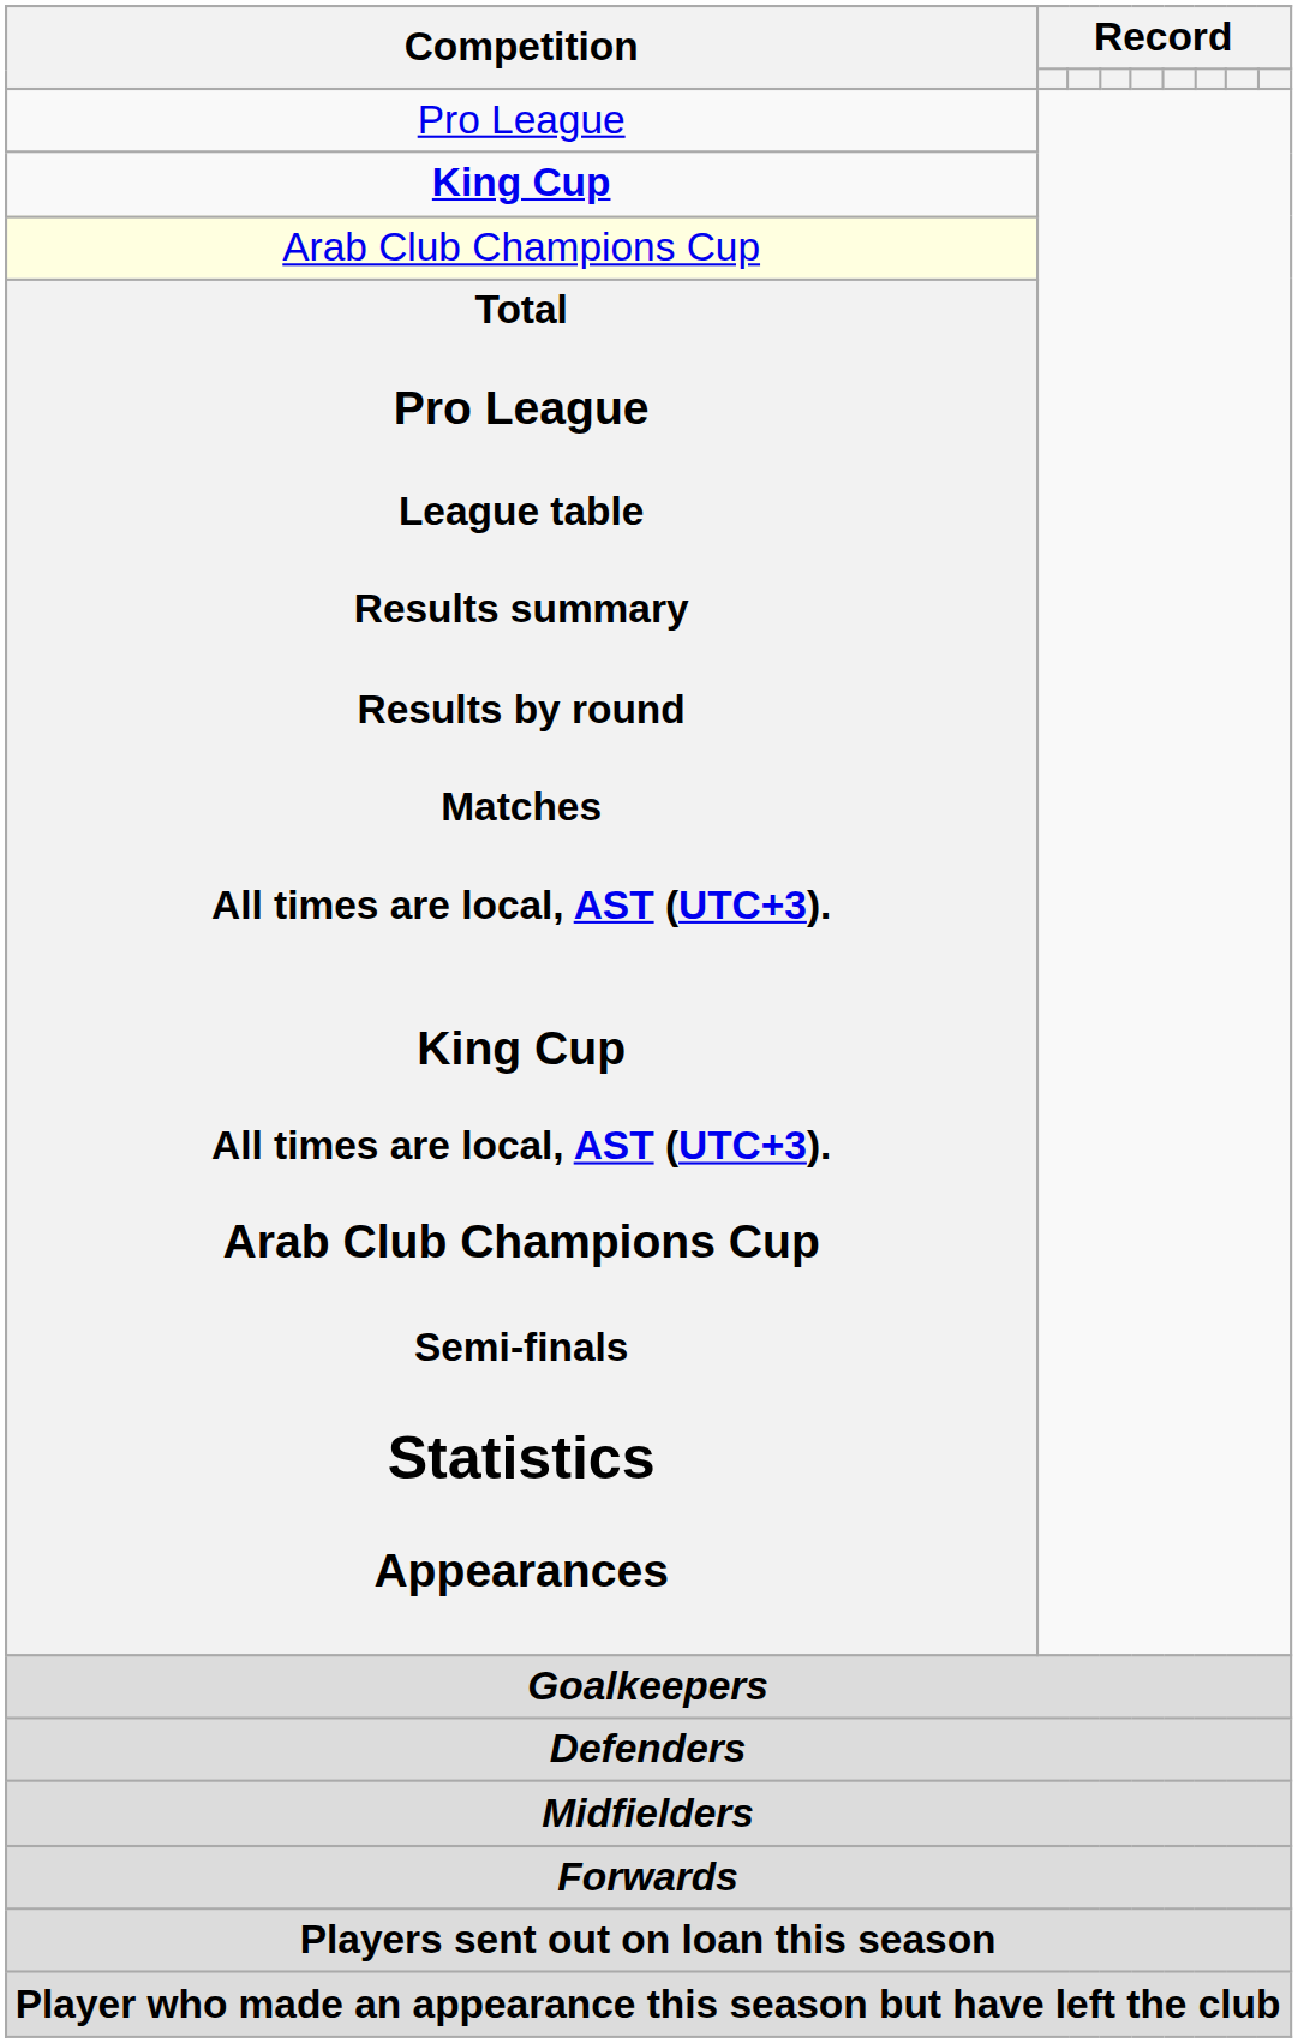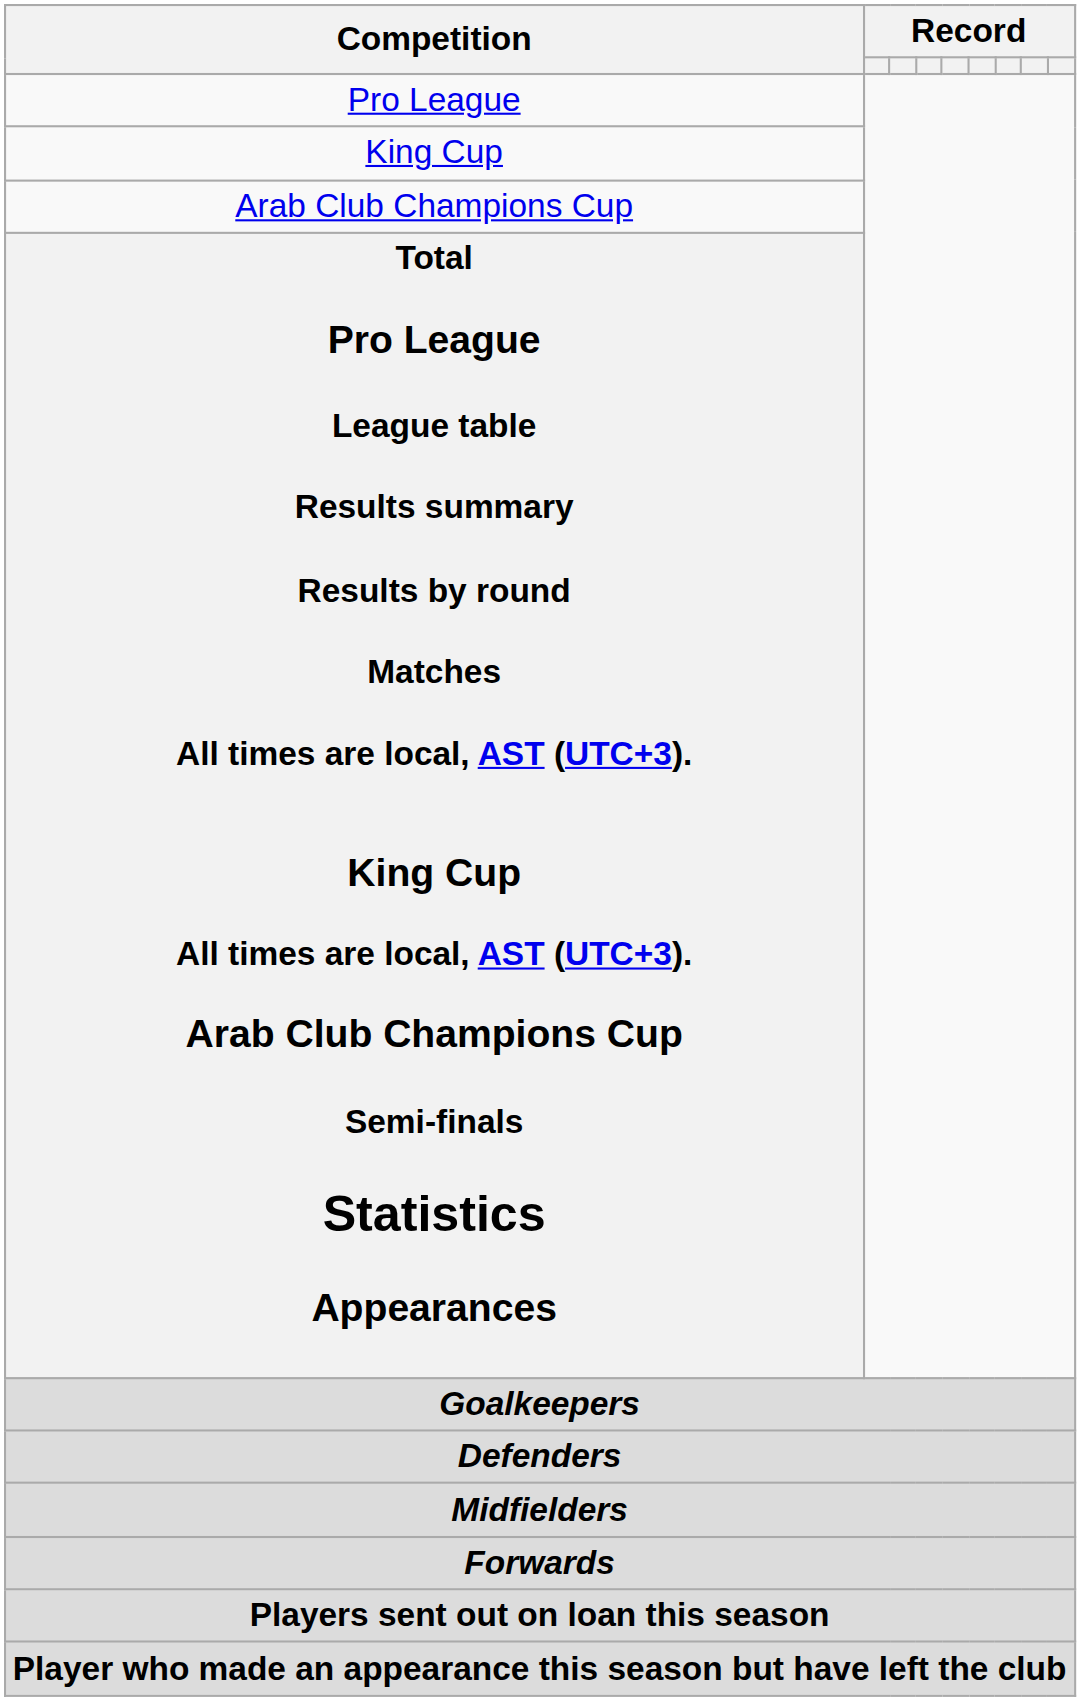 <table class="wikitable" style="text-align: center">
 <tr>
 <th rowspan=2>Competition</th>
 <th colspan=8>Record</th>
 </tr>
 <tr>
 <th></th>
 <th></th>
 <th></th>
 <th></th>
 <th></th>
 <th></th>
 <th></th>
 <th></th>
 </tr>
 <tr>
 <td><a href='#'>Pro League</a><br></td>
 </tr>
 <tr>
-<td><strong><a href='#'>King Cup</a><br></strong></td>
+<td><a href='#'>King Cup</a><br></td>
 </tr>
 <tr>
-<td style="background: lightyellow;"><a href='#'>Arab Club Champions Cup</a><br></td>
+<td><a href='#'>Arab Club Champions Cup</a><br></td>
 </tr>
 <tr>
 <th>Total<br> <h3>Pro League</h3><h4>League table</h4><h4>Results summary</h4> <h4>Results by round</h4><h4>Matches</h4>All times are local, <a href='#'>AST</a> (<a href='#'>UTC+3</a>).<br>   <br>                             <h3>King Cup</h3> All times are local, <a href='#'>AST</a> (<a href='#'>UTC+3</a>).<br><h3>Arab Club Champions Cup</h3><h4>Semi-finals</h4> <h2>Statistics</h2><h3>Appearances</h3></th>
 </tr>
 <tr>
 <th colspan=12 style=background:#dcdcdc; text-align:center><em>Goalkeepers</em><br>  </th>
 </tr>
 <tr>
 <th colspan=12 style=background:#dcdcdc; text-align:center><em>Defenders</em><br>         </th>
 </tr>
 <tr>
 <th colspan=12 style=background:#dcdcdc; text-align:center><em>Midfielders</em><br>            </th>
 </tr>
 <tr>
 <th colspan=12 style=background:#dcdcdc; text-align:center><em>Forwards</em><br> </th>
 </tr>
 <tr>
 <th colspan=14 style=background:#dcdcdc; text-align:center>Players sent out on loan this season<br></th>
 </tr>
 <tr>
 <th colspan=18 style=background:#dcdcdc; text-align:center>Player who made an appearance this season but have left the club<br>   </th>
 </tr>
 </table>
